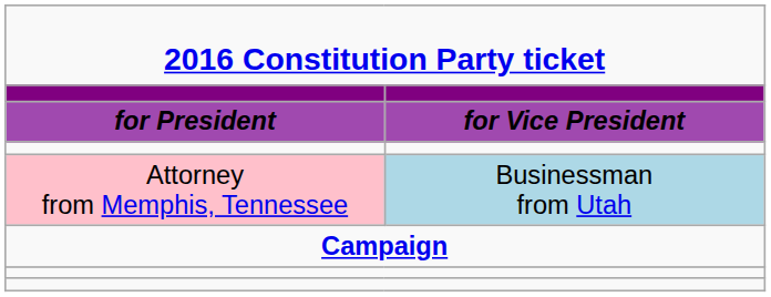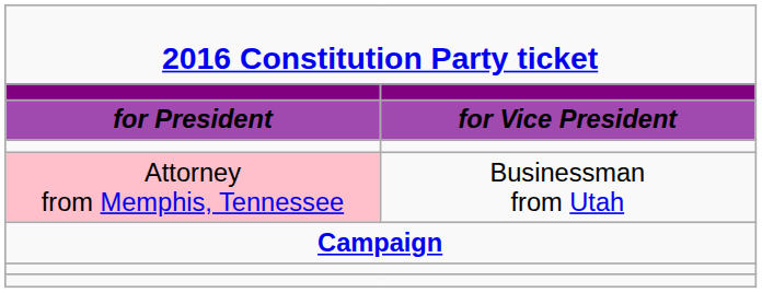 <table class="wikitable" style="font-size:90%; text-align:center;">
 <tr>
 <td colspan="2"><br><big><strong><a href='#'>2016 Constitution Party ticket</a></strong></big></td>
 </tr>
 <tr>
 <th style=" font-size:135%; background:purple; width:200px;"></th>
 <th style=" font-size:135%; background:purple; width:200px;"><a href='#'></a></th>
 </tr>
 <tr style="color:#000; font-size:100%; background:#A049AF;">
 <td style=" width:200px;"><strong><em>for President</em></strong></td>
 <td style=" width:200px;"><strong><em>for Vice President</em></strong></td>
 </tr>
 <tr>
 <td></td>
 <td></td>
 </tr>
 <tr>
 <td style="background: pink;">Attorney<br>from <a href='#'>Memphis, Tennessee</a></td>
-<td style="background: lightblue;">Businessman<br>from <a href='#'>Utah</a></td>
+<td>Businessman<br>from <a href='#'>Utah</a></td>
 </tr>
 <tr>
 <td colspan=2><strong><a href='#'>Campaign</a></strong></td>
 </tr>
 <tr>
 <td colspan=2></td>
 </tr>
 <tr>
 <td colspan=2></td>
 </tr>
 </table>
